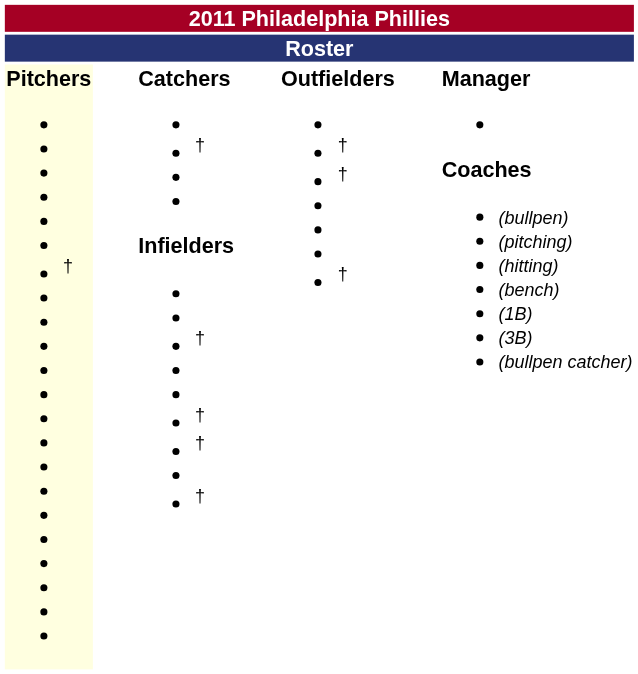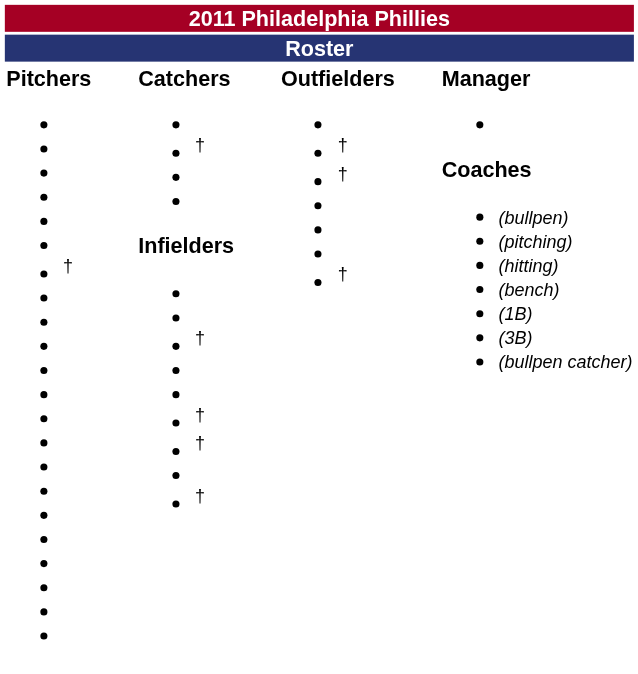 <table class="toccolours" style="font-size: 95%;">
 <tr>
 <th colspan="10" style="background-color: #A50024; color: #FFFFFF; text-align: center;">2011 Philadelphia Phillies</th>
 </tr>
 <tr>
 <td colspan="7" style="background-color: #263473; color: white; text-align: center;"><strong>Roster</strong></td>
 </tr>
 <tr>
-<td valign="top" style="background: lightyellow;"><strong>Pitchers</strong><br><ul><li></li><li></li><li></li><li></li><li></li><li></li><li><sup>†</sup></li><li></li><li></li><li></li><li></li><li></li><li></li><li></li><li></li><li></li><li></li><li></li><li></li><li></li><li></li><li></li></ul></td>
+<td valign="top"><strong>Pitchers</strong><br><ul><li></li><li></li><li></li><li></li><li></li><li></li><li><sup>†</sup></li><li></li><li></li><li></li><li></li><li></li><li></li><li></li><li></li><li></li><li></li><li></li><li></li><li></li><li></li><li></li></ul></td>
 <td width="25px"></td>
 <td valign="top"><strong>Catchers</strong><br><ul><li></li><li><sup>†</sup></li><li></li><li></li></ul><strong>Infielders</strong><ul><li></li><li></li><li><sup>†</sup></li><li></li><li></li><li><sup>†</sup></li><li><sup>†</sup></li><li></li><li><sup>†</sup></li></ul></td>
 <td width="25px"></td>
 <td valign="top"><strong>Outfielders</strong><br><ul><li></li><li><sup>†</sup></li><li><sup>†</sup></li><li></li><li></li><li></li><li><sup>†</sup></li></ul></td>
 <td width="25px"></td>
 <td valign="top"><strong>Manager</strong><br><ul><li></li></ul><strong>Coaches</strong><ul><li> <small><em>(bullpen)</em></small></li><li> <small><em>(pitching)</em></small></li><li> <small><em>(hitting)</em></small></li><li> <small><em>(bench)</em></small></li><li>  <small><em>(1B)</em></small></li><li> <small><em>(3B)</em></small></li><li> <small><em>(bullpen catcher)</em></small></li></ul></td>
 </tr>
 <tr>
 </tr>
 </table>
